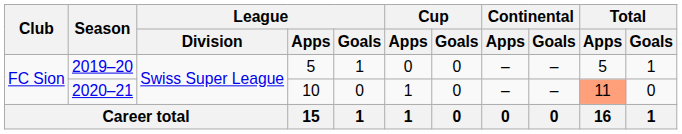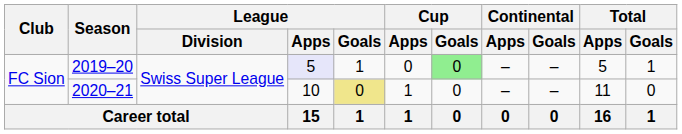 <table class="wikitable" style="text-align: center">
 <tr>
 <th rowspan="2">Club</th>
 <th rowspan="2">Season</th>
 <th colspan="3">League</th>
 <th colspan="2">Cup</th>
 <th colspan="2">Continental</th>
 <th colspan="2">Total</th>
 </tr>
 <tr>
 <th>Division</th>
 <th>Apps</th>
 <th>Goals</th>
 <th>Apps</th>
 <th>Goals</th>
 <th>Apps</th>
 <th>Goals</th>
 <th>Apps</th>
 <th>Goals</th>
 </tr>
 <tr>
 <td rowspan="2"><a href='#'>FC Sion</a></td>
 <td><a href='#'>2019–20</a></td>
 <td rowspan="2"><a href='#'>Swiss Super League</a></td>
-<td>5</td>
+<td style="background: lavender;">5</td>
 <td>1</td>
 <td>0</td>
-<td>0</td>
+<td style="background: lightgreen;">0</td>
 <td>–</td>
 <td>–</td>
 <td>5</td>
 <td>1</td>
 </tr>
 <tr>
 <td><a href='#'>2020–21</a></td>
 <td>10</td>
-<td>0</td>
+<td style="background: khaki;">0</td>
 <td>1</td>
 <td>0</td>
 <td>–</td>
 <td>–</td>
-<td style="background: lightsalmon;">11</td>
+<td>11</td>
 <td>0</td>
 </tr>
 <tr>
 <th colspan="3"><strong>Career total</strong></th>
 <th>15</th>
 <th>1</th>
 <th>1</th>
 <th>0</th>
 <th>0</th>
 <th>0</th>
 <th>16</th>
 <th>1</th>
 </tr>
 </table>
